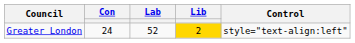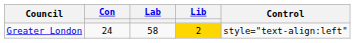 <table class="wikitable" style="text-align:center;">
 <tr>
 <th rowspan=2>Council</th>
 <th style="width:60px;"><a href='#'>Con</a></th>
 <th style="width:60px;"><a href='#'>Lab</a></th>
 <th style="width:60px;"><a href='#'>Lib</a></th>
 <th rowspan=2 colspan=2>Control</th>
 </tr>
 <tr>
 <th style="background:"></th>
 <th style="background:"></th>
 <th style="background:"></th>
 </tr>
 <tr>
 <td style="text-align:left"><a href='#'>Greater London</a></td>
 <td>24</td>
-<td>52</td>
+<td>58</td>
 <td style="background: gold;">2</td>
 <td>style="text-align:left" </td>
 </tr>
 </table>
